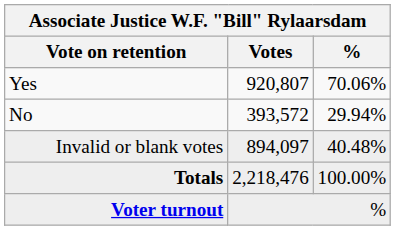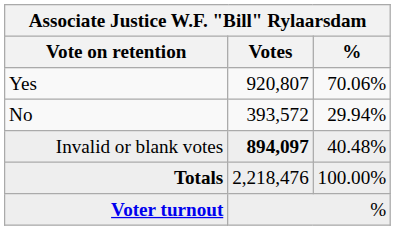 <table class="wikitable" style="font-size: 95%;">
 <tr style="background-color:#E9E9E9">
 <th colspan=7>Associate Justice W.F. "Bill" Rylaarsdam</th>
 </tr>
 <tr style="background-color:#E9E9E9">
 <th style="width: 170px">Vote on retention</th>
 <th style="width: 50px">Votes</th>
 <th style="width: 40px">%</th>
 </tr>
 <tr>
 <td>Yes</td>
 <td align="right">920,807</td>
 <td align="right">70.06%</td>
 </tr>
 <tr>
 <td>No</td>
 <td align="right">393,572</td>
 <td align="right">29.94%</td>
 </tr>
 <tr style="background-color:#EEEEEE">
 <td align="right">Invalid or blank votes</td>
-<td align="right">894,097</td>
+<td align="right"><strong>894,097</strong></td>
 <td align="right">40.48%</td>
 </tr>
 <tr style="background-color:#EEEEEE">
 <td colspan="1" align="right"><strong>Totals</strong></td>
 <td align="right">2,218,476</td>
 <td align="right">100.00%</td>
 </tr>
 <tr style="background-color:#EEEEEE">
 <td align="right"><strong><a href='#'>Voter turnout</a></strong></td>
 <td colspan="2" align="right">%</td>
 </tr>
 </table>
